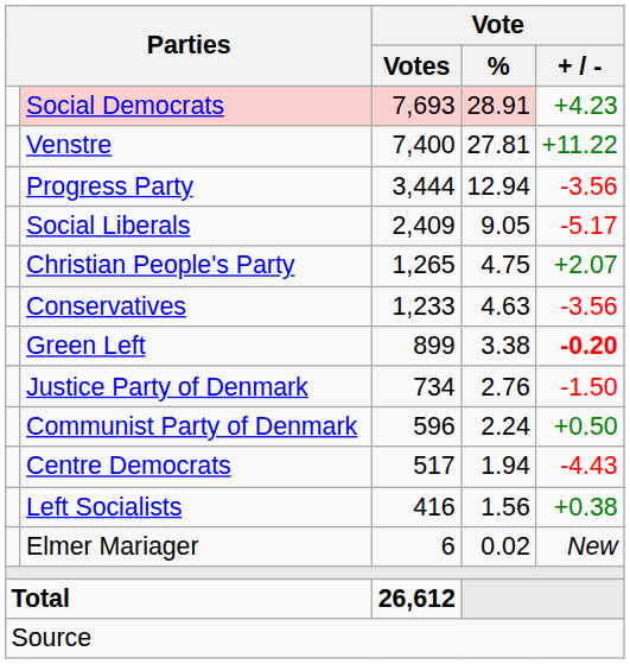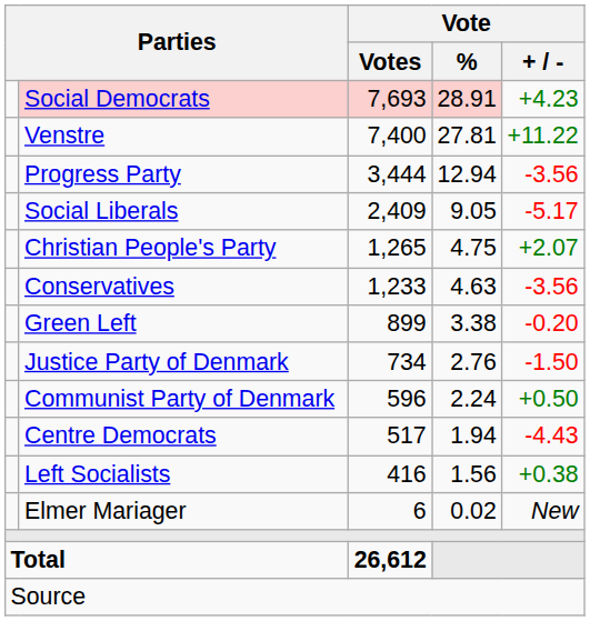 <table class="wikitable" style="text-align:right;">
 <tr>
 <th style="text-align:centre;" rowspan="2" colspan="2" width="225">Parties</th>
 <th colspan="3">Vote</th>
 </tr>
 <tr>
 <th width="15">Votes</th>
 <th width="15">%</th>
 <th width="15">+ / -</th>
 </tr>
 <tr>
 <td width="2" style="color:inherit;background:"></td>
 <td bgcolor=#fbd0ce  align="left"><a href='#'>Social Democrats</a></td>
 <td bgcolor=#fbd0ce>7,693</td>
 <td bgcolor=#fbd0ce>28.91</td>
 <td style=color:green;>+4.23</td>
 </tr>
 <tr>
 <td width="2" style="color:inherit;background:"></td>
 <td align="left"><a href='#'>Venstre</a></td>
 <td>7,400</td>
 <td>27.81</td>
 <td style=color:green;>+11.22</td>
 </tr>
 <tr>
 <td width="2" style="color:inherit;background:"></td>
 <td align="left"><a href='#'>Progress Party</a></td>
 <td>3,444</td>
 <td>12.94</td>
 <td style=color:red;>-3.56</td>
 </tr>
 <tr>
 <td width="2" style="color:inherit;background:"></td>
 <td align="left"><a href='#'>Social Liberals</a></td>
 <td>2,409</td>
 <td>9.05</td>
 <td style=color:red;>-5.17</td>
 </tr>
 <tr>
 <td width="2" style="color:inherit;background:"></td>
 <td align="left"><a href='#'>Christian People's Party</a></td>
 <td>1,265</td>
 <td>4.75</td>
 <td style=color:green;>+2.07</td>
 </tr>
 <tr>
 <td width="2" style="color:inherit;background:"></td>
 <td align="left"><a href='#'>Conservatives</a></td>
 <td>1,233</td>
 <td>4.63</td>
 <td style=color:red;>-3.56</td>
 </tr>
 <tr>
 <td width="2" style="color:inherit;background:"></td>
 <td align="left"><a href='#'>Green Left</a></td>
 <td>899</td>
 <td>3.38</td>
-<td style=color:red;><strong>-0.20</strong></td>
+<td style=color:red;>-0.20</td>
 </tr>
 <tr>
 <td width="2" style="color:inherit;background:"></td>
 <td align="left"><a href='#'>Justice Party of Denmark</a></td>
 <td>734</td>
 <td>2.76</td>
 <td style=color:red;>-1.50</td>
 </tr>
 <tr>
 <td width="2" style="color:inherit;background:"></td>
 <td align="left"><a href='#'>Communist Party of Denmark</a></td>
 <td>596</td>
 <td>2.24</td>
 <td style=color:green;>+0.50</td>
 </tr>
 <tr>
 <td width="2" style="color:inherit;background:"></td>
 <td align="left"><a href='#'>Centre Democrats</a></td>
 <td>517</td>
 <td>1.94</td>
 <td style=color:red;>-4.43</td>
 </tr>
 <tr>
 <td width="2" style="color:inherit;background:"></td>
 <td align="left"><a href='#'>Left Socialists</a></td>
 <td>416</td>
 <td>1.56</td>
 <td style=color:green;>+0.38</td>
 </tr>
 <tr>
 <td width="2" style="color:inherit;background:"></td>
 <td align="left">Elmer Mariager</td>
 <td>6</td>
 <td>0.02</td>
 <td><em>New</em></td>
 </tr>
 <tr>
 <td colspan="7" bgcolor="#E9E9E9"></td>
 </tr>
 <tr>
 <td align="left" colspan="2"><strong>Total</strong></td>
 <td><strong>26,612</strong></td>
 <td bgcolor="#E9E9E9" colspan="2"></td>
 </tr>
 <tr>
 <td align="left" colspan="6">Source</td>
 </tr>
 </table>
